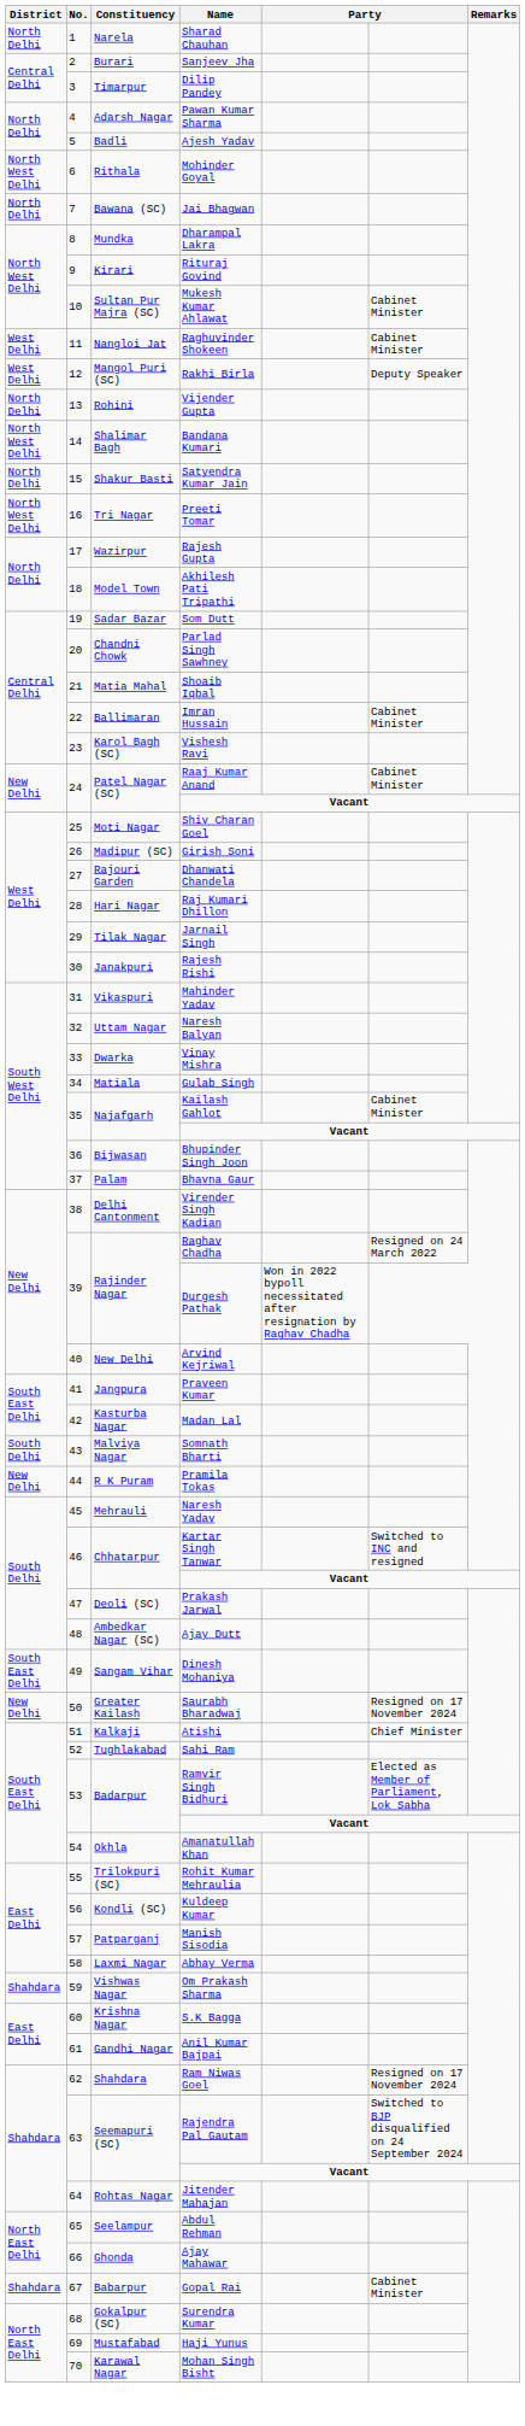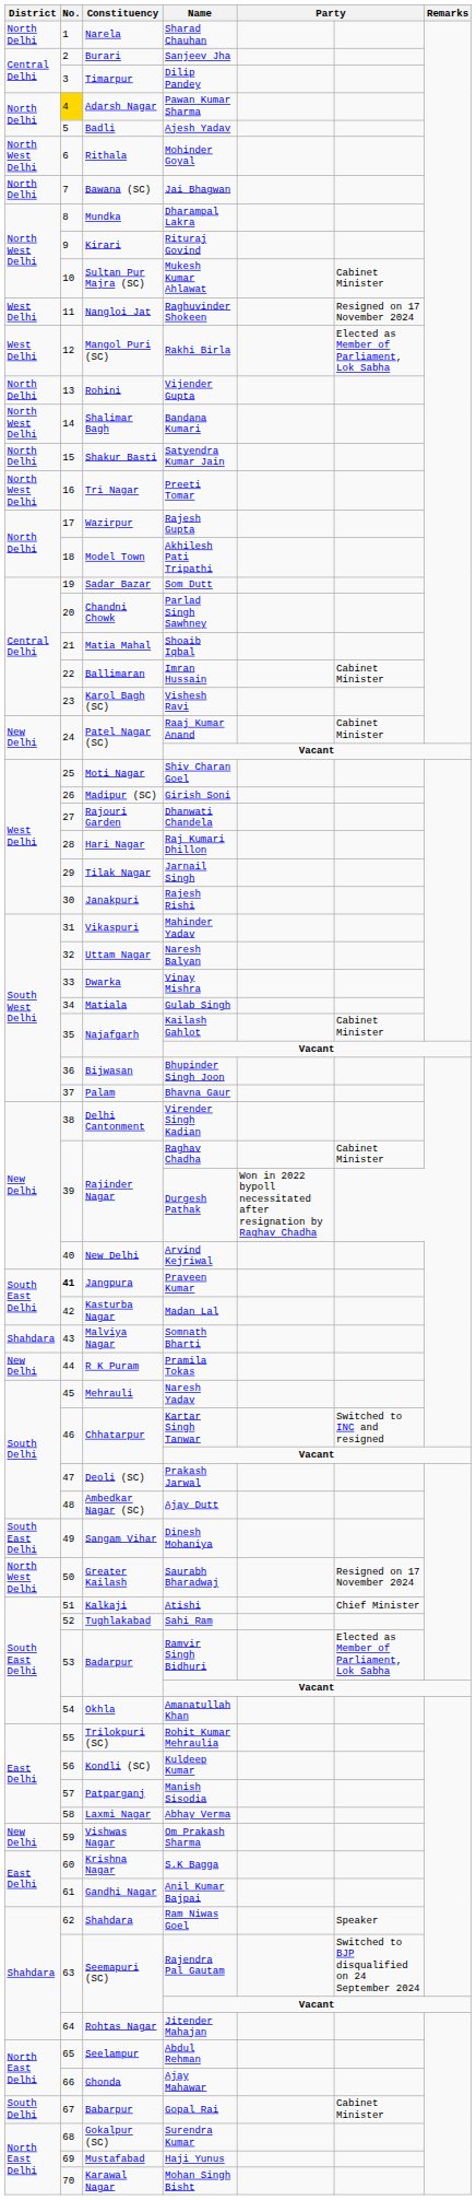 <table class="sortable wikitable">
 <tr>
 <th>District</th>
 <th>No.</th>
 <th>Constituency</th>
 <th>Name</th>
 <th colspan="2">Party</th>
 <th>Remarks</th>
 </tr>
 <tr>
 <td><a href='#'>North Delhi</a></td>
 <td>1</td>
 <td><a href='#'>Narela</a></td>
 <td><a href='#'>Sharad Chauhan</a></td>
 <td></td>
 <td></td>
 </tr>
 <tr>
 <td rowspan="2"><a href='#'>Central Delhi</a></td>
 <td>2</td>
 <td><a href='#'>Burari</a></td>
 <td><a href='#'>Sanjeev Jha</a></td>
 <td></td>
 <td></td>
 </tr>
 <tr>
 <td>3</td>
 <td><a href='#'>Timarpur</a></td>
 <td><a href='#'>Dilip Pandey</a></td>
 <td></td>
 <td></td>
 </tr>
 <tr>
 <td rowspan="2"><a href='#'>North Delhi</a></td>
-<td>4</td>
+<td style="background: gold;">4</td>
 <td><a href='#'>Adarsh Nagar</a></td>
 <td><a href='#'>Pawan Kumar Sharma</a></td>
 <td></td>
 <td></td>
 </tr>
 <tr>
 <td>5</td>
 <td><a href='#'>Badli</a></td>
 <td><a href='#'>Ajesh Yadav</a></td>
 <td></td>
 <td></td>
 </tr>
 <tr>
 <td><a href='#'>North West Delhi</a></td>
 <td>6</td>
 <td><a href='#'>Rithala</a></td>
 <td><a href='#'>Mohinder Goyal</a></td>
 <td></td>
 <td></td>
 </tr>
 <tr>
 <td><a href='#'>North Delhi</a></td>
 <td>7</td>
 <td><a href='#'>Bawana</a> (SC)</td>
 <td><a href='#'>Jai Bhagwan</a></td>
 <td></td>
 <td></td>
 </tr>
 <tr>
 <td rowspan="3"><a href='#'>North West Delhi</a></td>
 <td>8</td>
 <td><a href='#'>Mundka</a></td>
 <td><a href='#'>Dharampal Lakra</a></td>
 <td></td>
 <td></td>
 </tr>
 <tr>
 <td>9</td>
 <td><a href='#'>Kirari</a></td>
 <td><a href='#'>Rituraj Govind</a></td>
 <td></td>
 <td></td>
 </tr>
 <tr>
 <td>10</td>
 <td><a href='#'>Sultan Pur Majra</a> (SC)</td>
 <td><a href='#'>Mukesh Kumar Ahlawat</a></td>
 <td></td>
 <td>Cabinet Minister</td>
 </tr>
 <tr>
 <td><a href='#'>West Delhi</a></td>
 <td>11</td>
 <td><a href='#'>Nangloi Jat</a></td>
 <td><a href='#'>Raghuvinder Shokeen</a></td>
 <td></td>
-<td>Cabinet Minister</td>
+<td>Resigned on 17 November 2024</td>
 </tr>
 <tr>
 <td><a href='#'>West Delhi</a></td>
 <td>12</td>
 <td><a href='#'>Mangol Puri</a> (SC)</td>
 <td><a href='#'>Rakhi Birla</a></td>
 <td></td>
-<td>Deputy Speaker</td>
+<td>Elected as <a href='#'>Member of Parliament</a>, <a href='#'>Lok Sabha</a></td>
 </tr>
 <tr>
 <td><a href='#'>North Delhi</a></td>
 <td>13</td>
 <td><a href='#'>Rohini</a></td>
 <td><a href='#'>Vijender Gupta</a></td>
 <td></td>
 <td></td>
 </tr>
 <tr>
 <td><a href='#'>North West Delhi</a></td>
 <td>14</td>
 <td><a href='#'>Shalimar Bagh</a></td>
 <td><a href='#'>Bandana Kumari</a></td>
 <td></td>
 <td></td>
 </tr>
 <tr>
 <td><a href='#'>North Delhi</a></td>
 <td>15</td>
 <td><a href='#'>Shakur Basti</a></td>
 <td><a href='#'>Satyendra Kumar Jain</a></td>
 <td></td>
 <td></td>
 </tr>
 <tr>
 <td><a href='#'>North West Delhi</a></td>
 <td>16</td>
 <td><a href='#'>Tri Nagar</a></td>
 <td><a href='#'>Preeti Tomar</a></td>
 <td></td>
 <td></td>
 </tr>
 <tr>
 <td rowspan="2"><a href='#'>North Delhi</a></td>
 <td>17</td>
 <td><a href='#'>Wazirpur</a></td>
 <td><a href='#'>Rajesh Gupta</a></td>
 <td></td>
 <td></td>
 </tr>
 <tr>
 <td>18</td>
 <td><a href='#'>Model Town</a></td>
 <td><a href='#'>Akhilesh Pati Tripathi</a></td>
 <td></td>
 <td></td>
 </tr>
 <tr>
 <td rowspan="5"><a href='#'>Central Delhi</a></td>
 <td>19</td>
 <td><a href='#'>Sadar Bazar</a></td>
 <td><a href='#'>Som Dutt</a></td>
 <td></td>
 <td></td>
 </tr>
 <tr>
 <td>20</td>
 <td><a href='#'>Chandni Chowk</a></td>
 <td><a href='#'>Parlad Singh Sawhney</a></td>
 <td></td>
 <td></td>
 </tr>
 <tr>
 <td>21</td>
 <td><a href='#'>Matia Mahal</a></td>
 <td><a href='#'>Shoaib Iqbal</a></td>
 <td></td>
 <td></td>
 </tr>
 <tr>
 <td>22</td>
 <td><a href='#'>Ballimaran</a></td>
 <td><a href='#'>Imran Hussain</a></td>
 <td></td>
 <td>Cabinet Minister</td>
 </tr>
 <tr>
 <td>23</td>
 <td><a href='#'>Karol Bagh</a> (SC)</td>
 <td><a href='#'>Vishesh Ravi</a></td>
 <td></td>
 <td></td>
 </tr>
 <tr>
 <td rowspan="2"><a href='#'>New Delhi</a></td>
 <td rowspan="2">24</td>
 <td rowspan="2"><a href='#'>Patel Nagar</a> (SC)</td>
 <td><a href='#'>Raaj Kumar Anand</a></td>
 <td></td>
 <td>Cabinet Minister</td>
 </tr>
 <tr>
 <td Colspan=6 style="text-align:center;"><strong>Vacant</strong></td>
 </tr>
 <tr>
 <td rowspan="6"><a href='#'>West Delhi</a></td>
 <td>25</td>
 <td><a href='#'>Moti Nagar</a></td>
 <td><a href='#'>Shiv Charan Goel</a></td>
 <td></td>
 <td></td>
 </tr>
 <tr>
 <td>26</td>
 <td><a href='#'>Madipur</a> (SC)</td>
 <td><a href='#'>Girish Soni</a></td>
 <td></td>
 <td></td>
 </tr>
 <tr>
 <td>27</td>
 <td><a href='#'>Rajouri Garden</a></td>
 <td><a href='#'>Dhanwati Chandela</a></td>
 <td></td>
 <td></td>
 </tr>
 <tr>
 <td>28</td>
 <td><a href='#'>Hari Nagar</a></td>
 <td><a href='#'>Raj Kumari Dhillon</a></td>
 <td></td>
 <td></td>
 </tr>
 <tr>
 <td>29</td>
 <td><a href='#'>Tilak Nagar</a></td>
 <td><a href='#'>Jarnail Singh</a></td>
 <td></td>
 <td></td>
 </tr>
 <tr>
 <td>30</td>
 <td><a href='#'>Janakpuri</a></td>
 <td><a href='#'>Rajesh Rishi</a></td>
 <td></td>
 <td></td>
 </tr>
 <tr>
 <td rowspan="8"><a href='#'>South West Delhi</a></td>
 <td>31</td>
 <td><a href='#'>Vikaspuri</a></td>
 <td><a href='#'>Mahinder Yadav</a></td>
 <td></td>
 <td></td>
 </tr>
 <tr>
 <td>32</td>
 <td><a href='#'>Uttam Nagar</a></td>
 <td><a href='#'>Naresh Balyan</a></td>
 <td></td>
 <td></td>
 </tr>
 <tr>
 <td>33</td>
 <td><a href='#'>Dwarka</a></td>
 <td><a href='#'>Vinay Mishra</a></td>
 <td></td>
 <td></td>
 </tr>
 <tr>
 <td>34</td>
 <td><a href='#'>Matiala</a></td>
 <td><a href='#'>Gulab Singh</a></td>
 <td></td>
 <td></td>
 </tr>
 <tr>
 <td rowspan="2">35</td>
 <td rowspan="2"><a href='#'>Najafgarh</a></td>
 <td><a href='#'>Kailash Gahlot</a></td>
 <td></td>
 <td>Cabinet Minister</td>
 </tr>
 <tr>
 <td Colspan=6 style="text-align:center;"><strong>Vacant</strong></td>
 </tr>
 <tr>
 <td>36</td>
 <td><a href='#'>Bijwasan</a></td>
 <td><a href='#'>Bhupinder Singh Joon</a></td>
 <td></td>
 <td></td>
 </tr>
 <tr>
 <td>37</td>
 <td><a href='#'>Palam</a></td>
 <td><a href='#'>Bhavna Gaur</a></td>
 <td></td>
 <td></td>
 </tr>
 <tr>
 <td rowspan="4"><a href='#'>New Delhi</a></td>
 <td>38</td>
 <td><a href='#'>Delhi Cantonment</a></td>
 <td><a href='#'>Virender Singh Kadian</a></td>
 <td></td>
 <td></td>
 </tr>
 <tr>
 <td rowspan="2">39</td>
 <td rowspan="2"><a href='#'>Rajinder Nagar</a></td>
 <td><a href='#'>Raghav Chadha</a></td>
 <td></td>
-<td>Resigned on 24 March 2022</td>
+<td>Cabinet Minister</td>
 </tr>
 <tr>
 <td><a href='#'>Durgesh Pathak</a></td>
 <td>Won in 2022 bypoll necessitated after resignation by <a href='#'>Raghav Chadha</a></td>
 </tr>
 <tr>
 <td>40</td>
 <td><a href='#'>New Delhi</a></td>
 <td><a href='#'>Arvind Kejriwal</a></td>
 <td></td>
 <td></td>
 </tr>
 <tr>
 <td rowspan="2"><a href='#'>South East Delhi</a></td>
-<td>41</td>
+<td><strong>41</strong></td>
 <td><a href='#'>Jangpura</a></td>
 <td><a href='#'>Praveen Kumar</a></td>
 <td></td>
 <td></td>
 </tr>
 <tr>
 <td>42</td>
 <td><a href='#'>Kasturba Nagar</a></td>
 <td><a href='#'>Madan Lal</a></td>
 <td></td>
 <td></td>
 </tr>
 <tr>
-<td><a href='#'>South Delhi</a></td>
+<td><a href='#'>Shahdara</a></td>
 <td>43</td>
 <td><a href='#'>Malviya Nagar</a></td>
 <td><a href='#'>Somnath Bharti</a></td>
 <td></td>
 <td></td>
 </tr>
 <tr>
 <td><a href='#'>New Delhi</a></td>
 <td>44</td>
 <td><a href='#'>R K Puram</a></td>
 <td><a href='#'>Pramila Tokas</a></td>
 <td></td>
 <td></td>
 </tr>
 <tr>
 <td rowspan="5"><a href='#'>South Delhi</a></td>
 <td>45</td>
 <td><a href='#'>Mehrauli</a></td>
 <td><a href='#'>Naresh Yadav</a></td>
 <td></td>
 <td></td>
 </tr>
 <tr>
 <td rowspan=2>46</td>
 <td rowspan=2><a href='#'>Chhatarpur</a></td>
 <td><a href='#'>Kartar Singh Tanwar</a></td>
 <td></td>
 <td>Switched to <a href='#'>INC</a> and resigned</td>
 </tr>
 <tr>
 <td Colspan=6 style="text-align:center;"><strong>Vacant</strong></td>
 </tr>
 <tr>
 <td>47</td>
 <td><a href='#'>Deoli</a> (SC)</td>
 <td><a href='#'>Prakash Jarwal</a></td>
 <td></td>
 <td></td>
 </tr>
 <tr>
 <td>48</td>
 <td><a href='#'>Ambedkar Nagar</a> (SC)</td>
 <td><a href='#'>Ajay Dutt</a></td>
 <td></td>
 <td></td>
 </tr>
 <tr>
 <td><a href='#'>South East Delhi</a></td>
 <td>49</td>
 <td><a href='#'>Sangam Vihar</a></td>
 <td><a href='#'>Dinesh Mohaniya</a></td>
 <td></td>
 <td></td>
 </tr>
 <tr>
-<td><a href='#'>New Delhi</a></td>
+<td><a href='#'>North West Delhi</a></td>
 <td>50</td>
 <td><a href='#'>Greater Kailash</a></td>
 <td><a href='#'>Saurabh Bharadwaj</a></td>
 <td></td>
 <td>Resigned on 17 November 2024</td>
 </tr>
 <tr>
 <td rowspan="5"><a href='#'>South East Delhi</a></td>
 <td>51</td>
 <td><a href='#'>Kalkaji</a></td>
 <td><a href='#'>Atishi</a></td>
 <td></td>
 <td>Chief Minister</td>
 </tr>
 <tr>
 <td>52</td>
 <td><a href='#'>Tughlakabad</a></td>
 <td><a href='#'>Sahi Ram</a></td>
 <td></td>
 <td></td>
 </tr>
 <tr>
 <td rowspan=2>53</td>
 <td rowspan=2><a href='#'>Badarpur</a></td>
 <td><a href='#'>Ramvir Singh Bidhuri</a></td>
 <td></td>
 <td>Elected as <a href='#'>Member of Parliament</a>, <a href='#'>Lok Sabha</a></td>
 </tr>
 <tr>
 <td Colspan=6 style="text-align:center;"><strong>Vacant</strong></td>
 </tr>
 <tr>
 <td>54</td>
 <td><a href='#'>Okhla</a></td>
 <td><a href='#'>Amanatullah Khan</a></td>
 <td></td>
 <td></td>
 </tr>
 <tr>
 <td rowspan="4"><a href='#'>East Delhi</a></td>
 <td>55</td>
 <td><a href='#'>Trilokpuri</a> (SC)</td>
 <td><a href='#'>Rohit Kumar Mehraulia</a></td>
 <td></td>
 <td></td>
 </tr>
 <tr>
 <td>56</td>
 <td><a href='#'>Kondli</a> (SC)</td>
 <td><a href='#'>Kuldeep Kumar</a></td>
 <td></td>
 <td></td>
 </tr>
 <tr>
 <td>57</td>
 <td><a href='#'>Patparganj</a></td>
 <td><a href='#'>Manish Sisodia</a></td>
 <td></td>
 <td></td>
 </tr>
 <tr>
 <td>58</td>
 <td><a href='#'>Laxmi Nagar</a></td>
 <td><a href='#'>Abhay Verma</a></td>
 <td></td>
 <td></td>
 </tr>
 <tr>
-<td><a href='#'>Shahdara</a></td>
+<td><a href='#'>New Delhi</a></td>
 <td>59</td>
 <td><a href='#'>Vishwas Nagar</a></td>
 <td><a href='#'>Om Prakash Sharma</a></td>
 <td></td>
 <td></td>
 </tr>
 <tr>
 <td rowspan="2"><a href='#'>East Delhi</a></td>
 <td>60</td>
 <td><a href='#'>Krishna Nagar</a></td>
 <td><a href='#'>S.K Bagga</a></td>
 <td></td>
 <td></td>
 </tr>
 <tr>
 <td>61</td>
 <td><a href='#'>Gandhi Nagar</a></td>
 <td><a href='#'>Anil Kumar Bajpai</a></td>
 <td></td>
 <td></td>
 </tr>
 <tr>
 <td rowspan="4"><a href='#'>Shahdara</a></td>
 <td>62</td>
 <td><a href='#'>Shahdara</a></td>
 <td><a href='#'>Ram Niwas Goel</a></td>
 <td></td>
-<td>Resigned on 17 November 2024</td>
+<td>Speaker</td>
 </tr>
 <tr>
 <td rowspan="2">63</td>
 <td rowspan="2"><a href='#'>Seemapuri</a> (SC)</td>
 <td><a href='#'>Rajendra Pal Gautam</a></td>
 <td></td>
 <td>Switched to <a href='#'>BJP</a> disqualified on 24 September 2024</td>
 </tr>
 <tr>
 <td Colspan=6 style="text-align:center;"><strong>Vacant</strong></td>
 </tr>
 <tr>
 <td>64</td>
 <td><a href='#'>Rohtas Nagar</a></td>
 <td><a href='#'>Jitender Mahajan</a></td>
 <td></td>
 <td></td>
 </tr>
 <tr>
 <td rowspan="2"><a href='#'>North East Delhi</a></td>
 <td>65</td>
 <td><a href='#'>Seelampur</a></td>
 <td><a href='#'>Abdul Rehman</a></td>
 <td></td>
 <td></td>
 </tr>
 <tr>
 <td>66</td>
 <td><a href='#'>Ghonda</a></td>
 <td><a href='#'>Ajay Mahawar</a></td>
 <td></td>
 <td></td>
 </tr>
 <tr>
-<td><a href='#'>Shahdara</a></td>
+<td><a href='#'>South Delhi</a></td>
 <td>67</td>
 <td><a href='#'>Babarpur</a></td>
 <td><a href='#'>Gopal Rai</a></td>
 <td></td>
 <td>Cabinet Minister</td>
 </tr>
 <tr>
 <td rowspan="3"><a href='#'>North East Delhi</a></td>
 <td>68</td>
 <td><a href='#'>Gokalpur</a> (SC)</td>
 <td><a href='#'>Surendra Kumar</a></td>
 <td></td>
 <td></td>
 </tr>
 <tr>
 <td>69</td>
 <td><a href='#'>Mustafabad</a></td>
 <td><a href='#'>Haji Yunus</a></td>
 <td></td>
 <td></td>
 </tr>
 <tr>
 <td>70</td>
 <td><a href='#'>Karawal Nagar</a></td>
 <td><a href='#'>Mohan Singh Bisht</a></td>
 <td></td>
 <td></td>
 </tr>
 </table>
